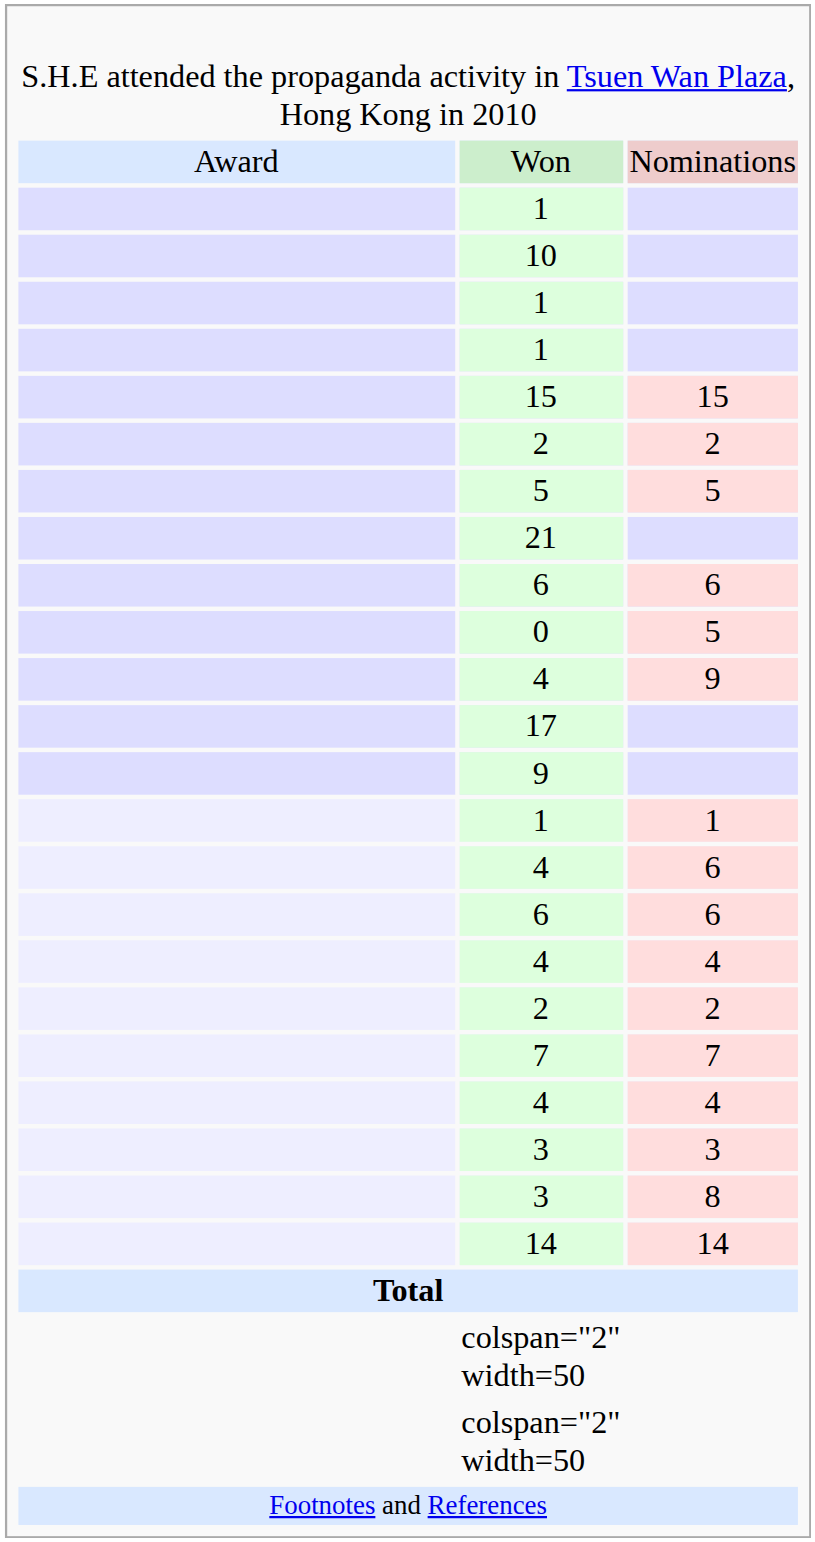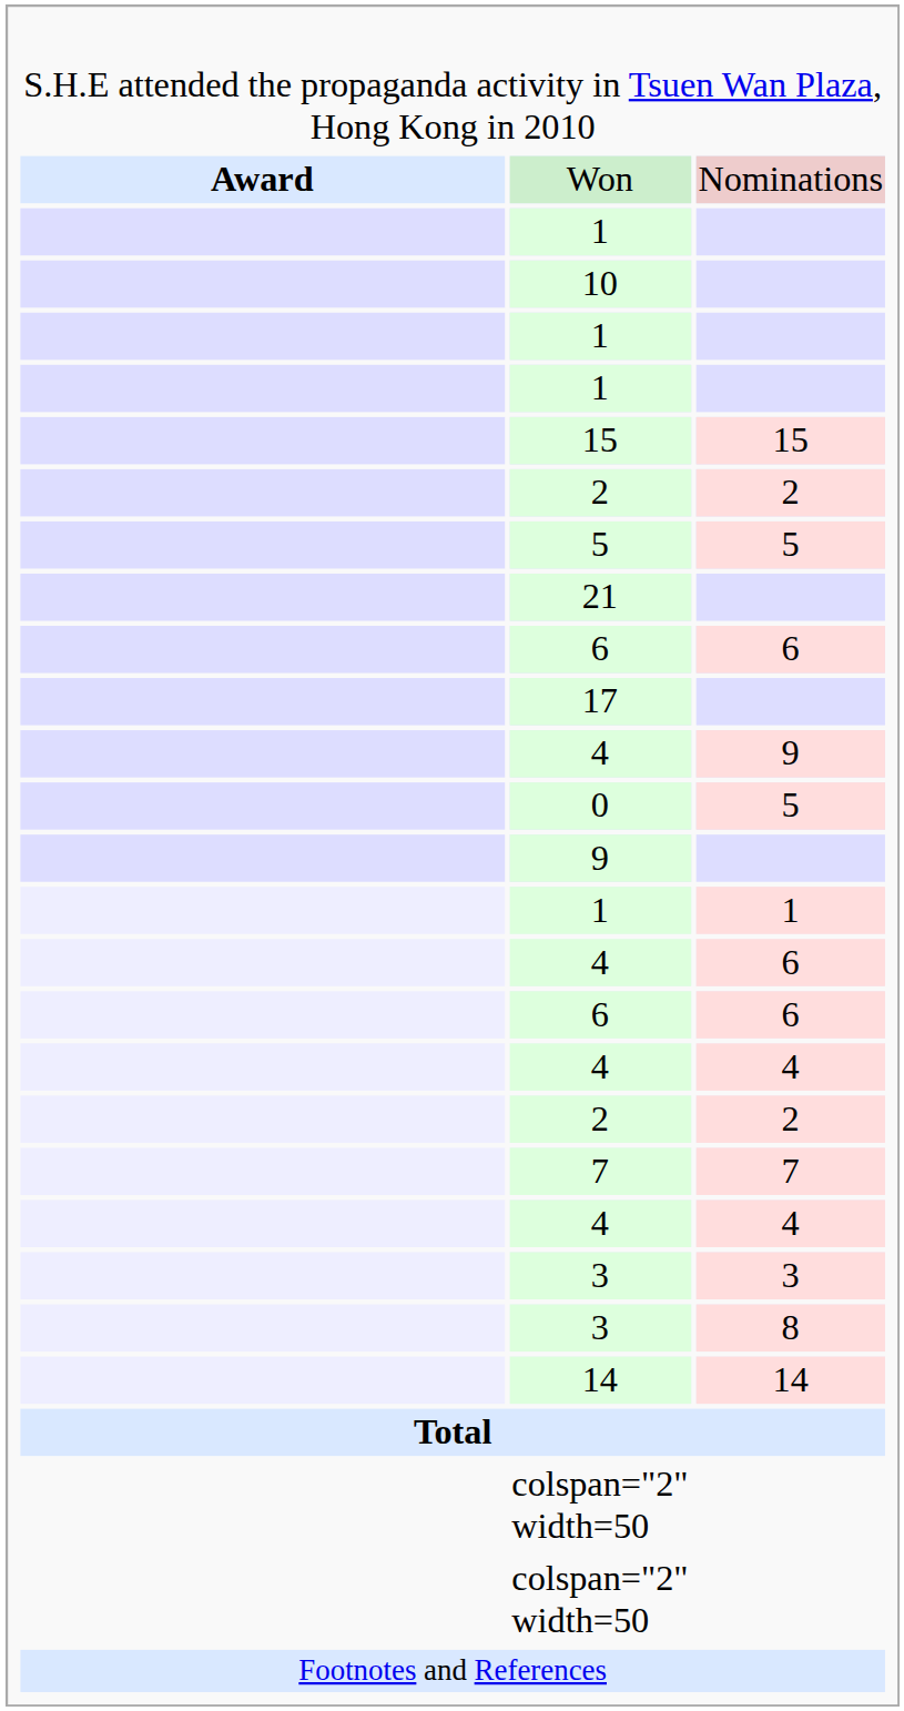 <table class="infobox" style="width: 25em; text-align: left; font-size: 90%; vertical-align: middle;">
 <tr>
 <td colspan="3" style="text-align:center;"><br>S.H.E attended the propaganda activity in <a href='#'>Tsuen Wan Plaza</a>, Hong Kong in 2010</td>
 </tr>
 <tr bgcolor=#D9E8FF>
-<td style="text-align:center;">Award</td>
+<td style="text-align:center;"><strong>Award</strong></td>
 <td style="text-align:center;background: #cceecc;text-size:0.9em" width=50>Won</td>
 <td style="text-align:center;background: #eecccc;text-size:0.9em" width=50>Nominations</td>
 </tr>
 <tr bgcolor=#ddddff>
 <td align="center"><br></td>
 <td style="text-align:center;background: #ddffdd;vertical-align: middle;">1</td>
 <td></td>
 </tr>
 <tr bgcolor=#ddddff>
 <td align="center"><br></td>
 <td style="text-align:center;background: #ddffdd;vertical-align: middle;">10</td>
 <td></td>
 </tr>
 <tr bgcolor=#ddddff>
 <td align="center"><br></td>
 <td style="text-align:center;background: #ddffdd;vertical-align: middle;">1</td>
 <td></td>
 </tr>
 <tr bgcolor=#ddddff>
 <td align="center"><br></td>
 <td style="text-align:center;background: #ddffdd;vertical-align: middle;">1</td>
 <td></td>
 </tr>
 <tr bgcolor=#ddddff>
 <td align="center"><br></td>
 <td style="text-align:center;background: #ddffdd;vertical-align: middle;">15</td>
 <td style="text-align:center;background: #ffdddd;vertical-align: middle;">15</td>
 </tr>
 <tr bgcolor=#ddddff>
 <td align="center"><br></td>
 <td style="text-align:center;background: #ddffdd;vertical-align: middle;">2</td>
 <td style="text-align:center;background: #ffdddd;vertical-align: middle;">2</td>
 </tr>
 <tr bgcolor=#ddddff>
 <td align="center"><br></td>
 <td style="text-align:center;background: #ddffdd;vertical-align: middle;">5</td>
 <td style="text-align:center;background: #ffdddd;vertical-align: middle;">5</td>
 </tr>
 <tr bgcolor=#ddddff>
 <td align="center"><br></td>
 <td style="text-align:center;background: #ddffdd;vertical-align: middle;">21</td>
 <td></td>
 </tr>
 <tr bgcolor=#ddddff>
 <td align="center"><br></td>
 <td style="text-align:center;background: #ddffdd;vertical-align: middle;">6</td>
 <td style="text-align:center;background: #ffdddd;vertical-align: middle;">6</td>
 </tr>
 <tr bgcolor=#ddddff>
 <td align="center"><br></td>
-<td style="text-align:center;background: #ddffdd;vertical-align: middle;">0</td>
-<td style="text-align:center;background: #ffdddd;vertical-align: middle;">5</td>
+<td style="text-align:center;background: #ddffdd;vertical-align: middle;">17</td>
+<td></td>
 </tr>
 <tr bgcolor=#ddddff>
 <td align="center"><br></td>
 <td style="text-align:center;background: #ddffdd;vertical-align: middle;">4</td>
 <td style="text-align:center;background: #ffdddd;vertical-align: middle;">9</td>
 </tr>
 <tr bgcolor=#ddddff>
 <td align="center"><br></td>
-<td style="text-align:center;background: #ddffdd;vertical-align: middle;">17</td>
-<td></td>
+<td style="text-align:center;background: #ddffdd;vertical-align: middle;">0</td>
+<td style="text-align:center;background: #ffdddd;vertical-align: middle;">5</td>
 </tr>
 <tr bgcolor=#ddddff>
 <td align="center"><br></td>
 <td style="text-align:center;background: #ddffdd;vertical-align: middle;">9</td>
 <td></td>
 </tr>
 <tr bgcolor=#eeeeff>
 <td align="center"><br></td>
 <td style="text-align:center;background: #ddffdd;vertical-align: middle;">1</td>
 <td style="text-align:center;background: #ffdddd;vertical-align: middle;">1</td>
 </tr>
 <tr bgcolor=#eeeeff>
 <td align="center"><br></td>
 <td style="text-align:center;background: #ddffdd;vertical-align: middle;">4</td>
 <td style="text-align:center;background: #ffdddd;vertical-align: middle;">6</td>
 </tr>
 <tr bgcolor=#eeeeff>
 <td align="center"><br></td>
 <td style="text-align:center;background: #ddffdd;vertical-align: middle;">6</td>
 <td style="text-align:center;background: #ffdddd;vertical-align: middle;">6</td>
 </tr>
 <tr bgcolor=#eeeeff>
 <td align="center"><br></td>
 <td style="text-align:center;background: #ddffdd;vertical-align: middle;">4</td>
 <td style="text-align:center;background: #ffdddd;vertical-align: middle;">4</td>
 </tr>
 <tr bgcolor=#eeeeff>
 <td align="center"><br></td>
 <td style="text-align:center;background: #ddffdd;vertical-align: middle;">2</td>
 <td style="text-align:center;background: #ffdddd;vertical-align: middle;">2</td>
 </tr>
 <tr bgcolor=#eeeeff>
 <td align="center"><br></td>
 <td style="text-align:center;background: #ddffdd;vertical-align: middle;">7</td>
 <td style="text-align:center;background: #ffdddd;vertical-align: middle;">7</td>
 </tr>
 <tr bgcolor=#eeeeff>
 <td align="center"><br></td>
 <td style="text-align:center;background: #ddffdd;vertical-align: middle;">4</td>
 <td style="text-align:center;background: #ffdddd;vertical-align: middle;">4</td>
 </tr>
 <tr bgcolor=#eeeeff>
 <td align="center"><br></td>
 <td style="text-align:center;background: #ddffdd;vertical-align: middle;">3</td>
 <td style="text-align:center;background: #ffdddd;vertical-align: middle;">3</td>
 </tr>
 <tr bgcolor=#eeeeff>
 <td align="center"><br></td>
 <td style="text-align:center;background: #ddffdd;vertical-align: middle;">3</td>
 <td style="text-align:center;background: #ffdddd;vertical-align: middle;">8</td>
 </tr>
 <tr bgcolor=#eeeeff>
 <td align="center"><br></td>
 <td style="text-align:center;background: #ddffdd;vertical-align: middle;">14</td>
 <td style="text-align:center;background: #ffdddd;vertical-align: middle;">14</td>
 </tr>
 <tr bgcolor=#D9E8FF>
 <td colspan="3" style="text-align:center;"><strong>Total</strong></td>
 </tr>
 <tr>
 <td></td>
 <td>colspan="2" width=50 </td>
 </tr>
 <tr>
 <td></td>
 <td>colspan="2" width=50 </td>
 </tr>
 <tr bgcolor=#D9E8FF>
 <td colspan="3" style="font-size: smaller; text-align:center;"><a href='#'>Footnotes</a> and <a href='#'>References</a></td>
 </tr>
 </table>
